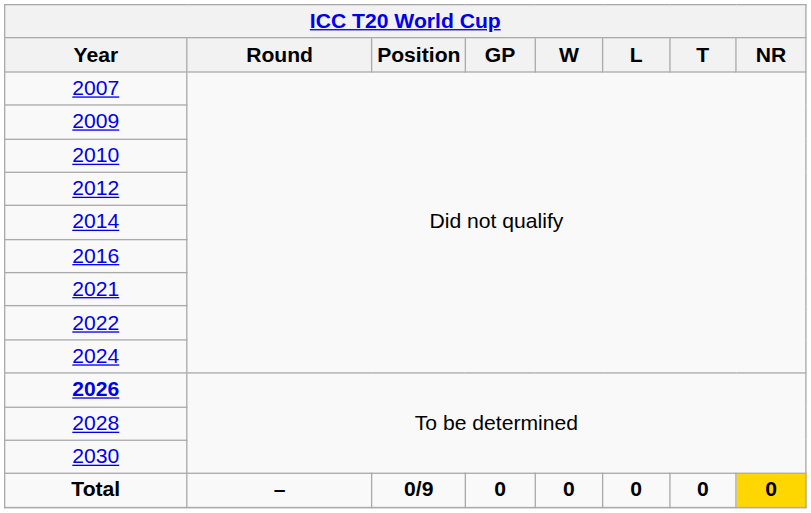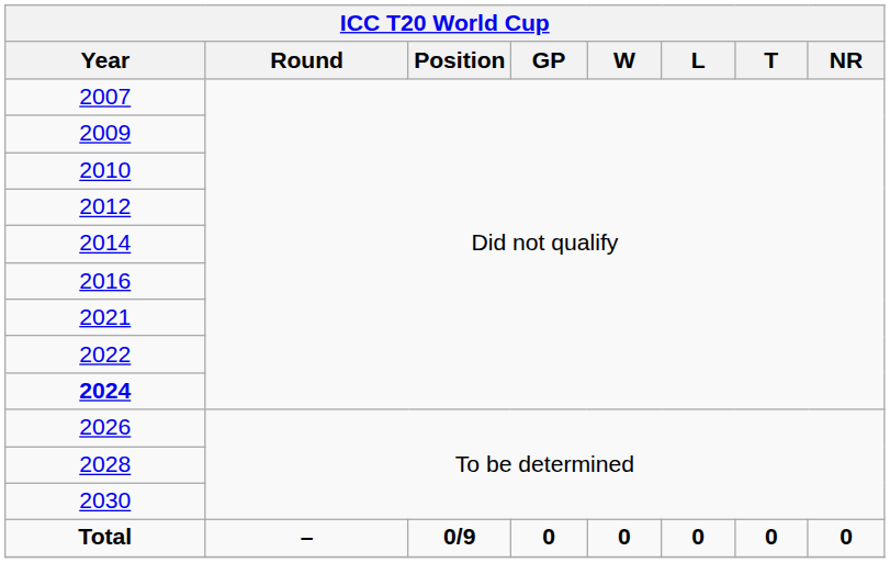 <table class="wikitable" style="text-align: center;">
 <tr>
 <th colspan=8><a href='#'>ICC T20 World Cup</a></th>
 </tr>
 <tr>
 <th width=150>Year</th>
 <th width=150>Round</th>
 <th width=50>Position</th>
 <th width=50>GP</th>
 <th width=50>W</th>
 <th width=50>L</th>
 <th width=50>T</th>
 <th width=50>NR</th>
 </tr>
 <tr>
 <td> <a href='#'>2007</a></td>
 <td colspan="7" rowspan="9">Did not qualify</td>
 </tr>
 <tr>
 <td> <a href='#'>2009</a></td>
 </tr>
 <tr>
 <td> <a href='#'>2010</a></td>
 </tr>
 <tr>
 <td> <a href='#'>2012</a></td>
 </tr>
 <tr>
 <td> <a href='#'>2014</a></td>
 </tr>
 <tr>
 <td> <a href='#'>2016</a></td>
 </tr>
 <tr>
 <td> <a href='#'>2021</a></td>
 </tr>
 <tr>
 <td> <a href='#'>2022</a></td>
 </tr>
 <tr>
-<td> <a href='#'>2024</a></td>
+<td><strong> <a href='#'>2024</a></strong></td>
 </tr>
 <tr>
-<td><strong> <a href='#'>2026</a></strong></td>
+<td> <a href='#'>2026</a></td>
 <td colspan="7" rowspan=3>To be determined</td>
 </tr>
 <tr>
 <td> <a href='#'>2028</a></td>
 </tr>
 <tr>
 <td> <a href='#'>2030</a></td>
 </tr>
 <tr>
 <td><strong>Total</strong></td>
 <td><strong>–</strong></td>
 <td><strong>0/9</strong></td>
 <td><strong>0</strong></td>
 <td><strong>0</strong></td>
 <td><strong>0</strong></td>
 <td><strong>0</strong></td>
-<td style="background: gold;"><strong>0</strong></td>
+<td><strong>0</strong></td>
 </tr>
 <tr>
 </tr>
 </table>
